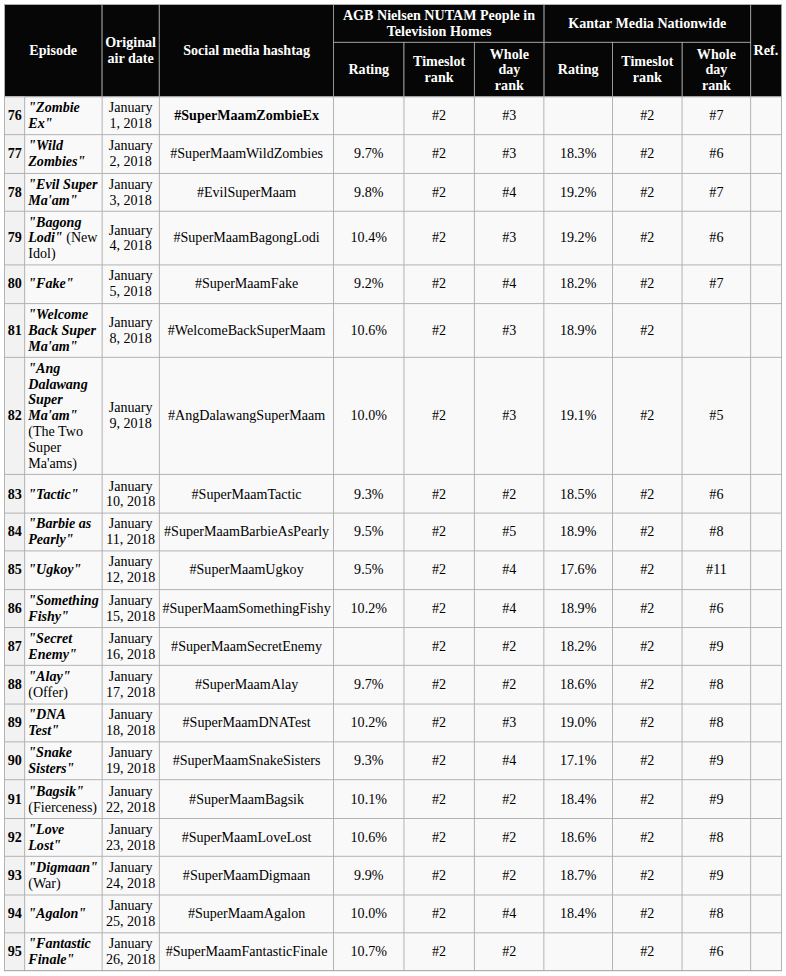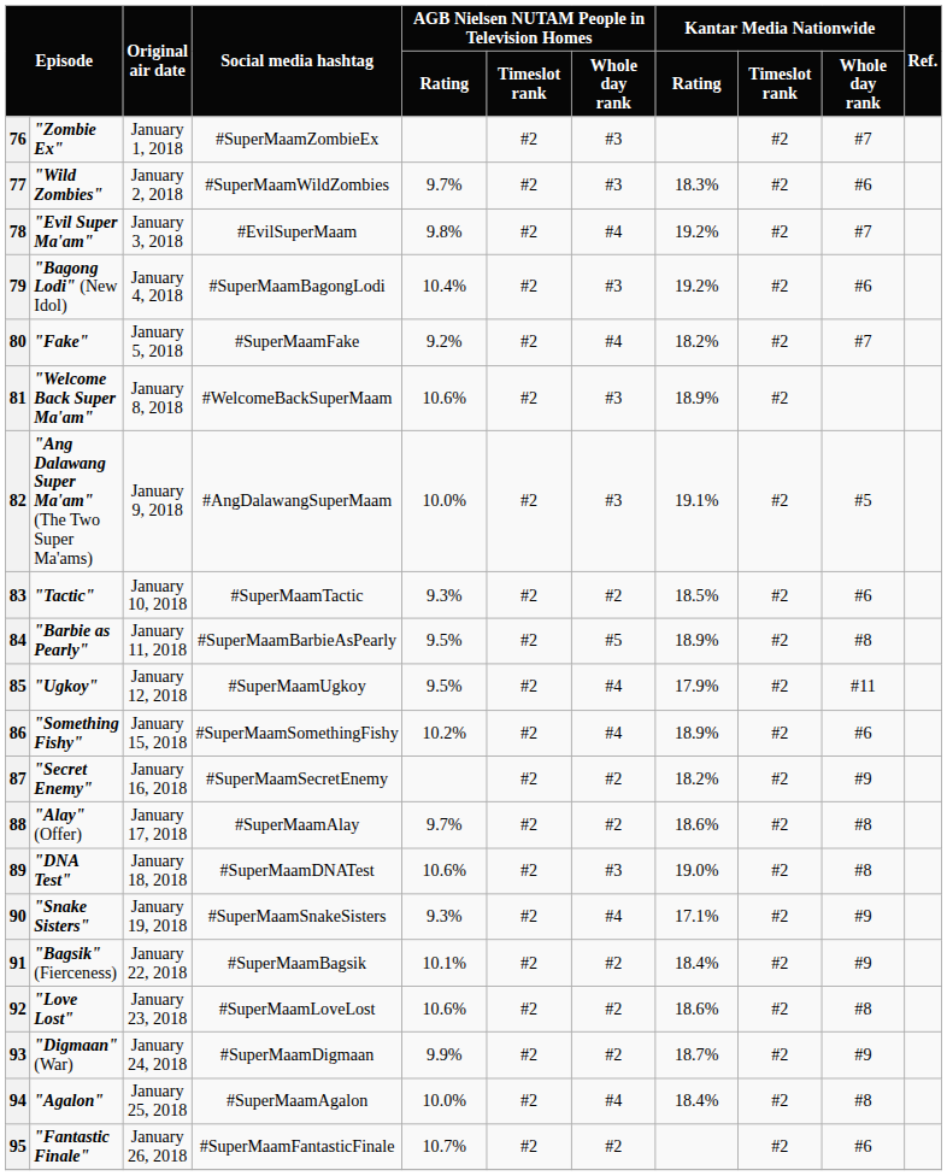 <table class="wikitable" style="text-align:center; font-size:100%; line-height:18px;" width="100%">
 <tr>
 <th style="background-color:#060606; color:#ffffff;" colspan="2" rowspan="2">Episode</th>
 <th style="background-color:#060606; color:white" rowspan="2">Original air date</th>
 <th style="background-color:#060606; color:white" rowspan="2">Social media hashtag</th>
 <th style="background-color:#060606; color:#ffffff;" colspan="3">AGB Nielsen NUTAM People in Television Homes</th>
 <th style="background-color:#060606; color:#ffffff;" colspan="3">Kantar Media Nationwide</th>
 <th style="background-color:#060606; color:#ffffff;" rowspan="2">Ref.</th>
 </tr>
 <tr>
 <th style="background-color:#060606; width:75px; color:#ffffff;">Rating</th>
 <th style="background-color:#060606; width:75px; color:#ffffff;">Timeslot<br>rank</th>
 <th style="background-color:#060606; width:75px; color:#ffffff;">Whole day<br>rank</th>
 <th style="background-color:#060606; width:75px; color:#ffffff;">Rating</th>
 <th style="background-color:#060606; width:75px; color:#ffffff;">Timeslot<br>rank</th>
 <th style="background-color:#060606; width:75px; color:#ffffff;">Whole day<br>rank</th>
 </tr>
 <tr>
 <th>76</th>
 <td style="text-align: left;"><strong><em>"Zombie Ex"</em></strong></td>
 <td>January 1, 2018</td>
-<td><strong>#SuperMaamZombieEx</strong></td>
+<td>#SuperMaamZombieEx</td>
 <td></td>
 <td>#2</td>
 <td>#3</td>
 <td></td>
 <td>#2</td>
 <td>#7</td>
 <td></td>
 </tr>
 <tr>
 <th>77</th>
 <td style="text-align: left;"><strong><em>"Wild Zombies"</em></strong></td>
 <td>January 2, 2018</td>
 <td>#SuperMaamWildZombies</td>
 <td>9.7%</td>
 <td>#2</td>
 <td>#3</td>
 <td>18.3%</td>
 <td>#2</td>
 <td>#6</td>
 <td></td>
 </tr>
 <tr>
 <th>78</th>
 <td style="text-align: left;"><strong><em>"Evil Super Ma'am"</em></strong></td>
 <td>January 3, 2018</td>
 <td>#EvilSuperMaam</td>
 <td>9.8%</td>
 <td>#2</td>
 <td>#4</td>
 <td>19.2%</td>
 <td>#2</td>
 <td>#7</td>
 <td></td>
 </tr>
 <tr>
 <th>79</th>
 <td style="text-align: left;"><strong><em>"Bagong Lodi"</em></strong> (New Idol)</td>
 <td>January 4, 2018</td>
 <td>#SuperMaamBagongLodi</td>
 <td>10.4%</td>
 <td>#2</td>
 <td>#3</td>
 <td>19.2%</td>
 <td>#2</td>
 <td>#6</td>
 <td></td>
 </tr>
 <tr>
 <th>80</th>
 <td style="text-align: left;"><strong><em>"Fake"</em></strong></td>
 <td>January 5, 2018</td>
 <td>#SuperMaamFake</td>
 <td>9.2%</td>
 <td>#2</td>
 <td>#4</td>
 <td>18.2%</td>
 <td>#2</td>
 <td>#7</td>
 <td></td>
 </tr>
 <tr>
 <th>81</th>
 <td style="text-align: left;"><strong><em>"Welcome Back Super Ma'am"</em></strong></td>
 <td>January 8, 2018</td>
 <td>#WelcomeBackSuperMaam</td>
 <td>10.6%</td>
 <td>#2</td>
 <td>#3</td>
 <td>18.9%</td>
 <td>#2</td>
 <td></td>
 <td></td>
 </tr>
 <tr>
 <th>82</th>
 <td style="text-align: left;"><strong><em>"Ang Dalawang Super Ma'am"</em></strong> (The Two Super Ma'ams)</td>
 <td>January 9, 2018</td>
 <td>#AngDalawangSuperMaam</td>
 <td>10.0%</td>
 <td>#2</td>
 <td>#3</td>
 <td>19.1%</td>
 <td>#2</td>
 <td>#5</td>
 <td></td>
 </tr>
 <tr>
 <th>83</th>
 <td style="text-align: left;"><strong><em>"Tactic"</em></strong></td>
 <td>January 10, 2018</td>
 <td>#SuperMaamTactic</td>
 <td>9.3%</td>
 <td>#2</td>
 <td>#2</td>
 <td>18.5%</td>
 <td>#2</td>
 <td>#6</td>
 <td></td>
 </tr>
 <tr>
 <th>84</th>
 <td style="text-align: left;"><strong><em>"Barbie as Pearly"</em></strong></td>
 <td>January 11, 2018</td>
 <td>#SuperMaamBarbieAsPearly</td>
 <td>9.5%</td>
 <td>#2</td>
 <td>#5</td>
 <td>18.9%</td>
 <td>#2</td>
 <td>#8</td>
 <td></td>
 </tr>
 <tr>
 <th>85</th>
 <td style="text-align: left;"><strong><em>"Ugkoy"</em></strong></td>
 <td>January 12, 2018</td>
 <td>#SuperMaamUgkoy</td>
 <td>9.5%</td>
 <td>#2</td>
 <td>#4</td>
-<td>17.6%</td>
+<td>17.9%</td>
 <td>#2</td>
 <td>#11</td>
 <td></td>
 </tr>
 <tr>
 <th>86</th>
 <td style="text-align: left;"><strong><em>"Something Fishy"</em></strong></td>
 <td>January 15, 2018</td>
 <td>#SuperMaamSomethingFishy</td>
 <td>10.2%</td>
 <td>#2</td>
 <td>#4</td>
 <td>18.9%</td>
 <td>#2</td>
 <td>#6</td>
 <td></td>
 </tr>
 <tr>
 <th>87</th>
 <td style="text-align: left;"><strong><em>"Secret Enemy"</em></strong></td>
 <td>January 16, 2018</td>
 <td>#SuperMaamSecretEnemy</td>
 <td></td>
 <td>#2</td>
 <td>#2</td>
 <td>18.2%</td>
 <td>#2</td>
 <td>#9</td>
 <td></td>
 </tr>
 <tr>
 <th>88</th>
 <td style="text-align: left;"><strong><em>"Alay"</em></strong> (Offer)</td>
 <td>January 17, 2018</td>
 <td>#SuperMaamAlay</td>
 <td>9.7%</td>
 <td>#2</td>
 <td>#2</td>
 <td>18.6%</td>
 <td>#2</td>
 <td>#8</td>
 <td></td>
 </tr>
 <tr>
 <th>89</th>
 <td style="text-align: left;"><strong><em>"DNA Test"</em></strong></td>
 <td>January 18, 2018</td>
 <td>#SuperMaamDNATest</td>
-<td>10.2%</td>
+<td>10.6%</td>
 <td>#2</td>
 <td>#3</td>
 <td>19.0%</td>
 <td>#2</td>
 <td>#8</td>
 <td></td>
 </tr>
 <tr>
 <th>90</th>
 <td style="text-align: left;"><strong><em>"Snake Sisters"</em></strong></td>
 <td>January 19, 2018</td>
 <td>#SuperMaamSnakeSisters</td>
 <td>9.3%</td>
 <td>#2</td>
 <td>#4</td>
 <td>17.1%</td>
 <td>#2</td>
 <td>#9</td>
 <td></td>
 </tr>
 <tr>
 <th>91</th>
 <td style="text-align: left;"><strong><em>"Bagsik"</em></strong> (Fierceness)</td>
 <td>January 22, 2018</td>
 <td>#SuperMaamBagsik</td>
 <td>10.1%</td>
 <td>#2</td>
 <td>#2</td>
 <td>18.4%</td>
 <td>#2</td>
 <td>#9</td>
 <td></td>
 </tr>
 <tr>
 <th>92</th>
 <td style="text-align: left;"><strong><em>"Love Lost"</em></strong></td>
 <td>January 23, 2018</td>
 <td>#SuperMaamLoveLost</td>
 <td>10.6%</td>
 <td>#2</td>
 <td>#2</td>
 <td>18.6%</td>
 <td>#2</td>
 <td>#8</td>
 <td></td>
 </tr>
 <tr>
 <th>93</th>
 <td style="text-align: left;"><strong><em>"Digmaan"</em></strong> (War)</td>
 <td>January 24, 2018</td>
 <td>#SuperMaamDigmaan</td>
 <td>9.9%</td>
 <td>#2</td>
 <td>#2</td>
 <td>18.7%</td>
 <td>#2</td>
 <td>#9</td>
 <td></td>
 </tr>
 <tr>
 <th>94</th>
 <td style="text-align: left;"><strong><em>"Agalon"</em></strong></td>
 <td>January 25, 2018</td>
 <td>#SuperMaamAgalon</td>
 <td>10.0%</td>
 <td>#2</td>
 <td>#4</td>
 <td>18.4%</td>
 <td>#2</td>
 <td>#8</td>
 <td></td>
 </tr>
 <tr>
 <th>95</th>
 <td style="text-align: left;"><strong><em>"Fantastic Finale"</em></strong></td>
 <td>January 26, 2018</td>
 <td>#SuperMaamFantasticFinale</td>
 <td>10.7%</td>
 <td>#2</td>
 <td>#2</td>
 <td></td>
 <td>#2</td>
 <td>#6</td>
 <td></td>
 </tr>
 <tr>
 </tr>
 </table>
